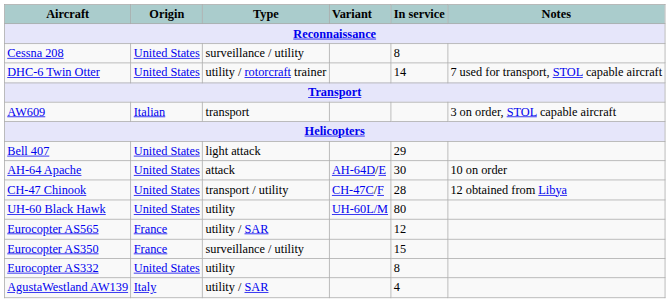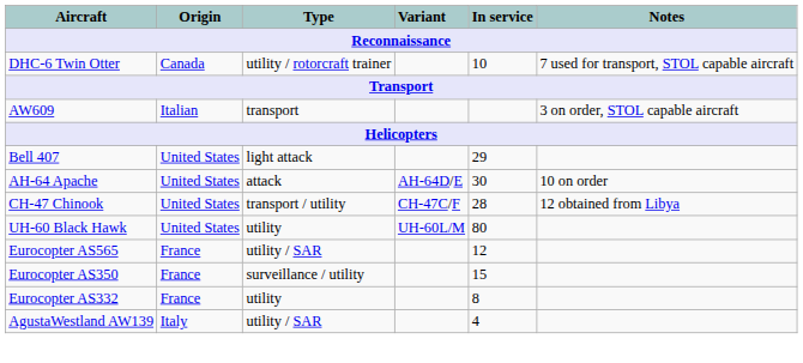 <table class="wikitable">
 <tr>
 <th style="text-align:center; background:#acc;">Aircraft</th>
 <th style="text-align: center; background:#acc;">Origin</th>
 <th style="text-align:l center; background:#acc;">Type</th>
 <th style="text-align:left; background:#acc;">Variant</th>
 <th style="text-align:center; background:#acc;">In service</th>
 <th style="text-align: center; background:#acc;">Notes</th>
 </tr>
 <tr>
 <th style="align: center; background: lavender;" colspan="6"><a href='#'>Reconnaissance</a></th>
 </tr>
 <tr>
-<td><a href='#'>Cessna 208</a></td>
-<td><a href='#'>United States</a></td>
-<td>surveillance / utility</td>
-<td></td>
-<td>8</td>
-<td></td>
-</tr>
-<tr>
 <td><a href='#'>DHC-6 Twin Otter</a></td>
-<td><a href='#'>United States</a></td>
+<td><a href='#'>Canada</a></td>
 <td>utility / <a href='#'>rotorcraft</a> trainer</td>
 <td></td>
-<td>14</td>
+<td>10</td>
 <td>7 used for transport, <a href='#'>STOL</a> capable aircraft</td>
 </tr>
 <tr>
 <th style="align: center; background: lavender;" colspan="6"><a href='#'>Transport</a></th>
 </tr>
 <tr>
 <td><a href='#'>AW609</a></td>
 <td><a href='#'>Italian</a></td>
 <td>transport</td>
 <td></td>
 <td></td>
 <td>3 on order, <a href='#'>STOL</a> capable aircraft</td>
 </tr>
 <tr>
 <th style="align: center; background: lavender;" colspan="6"><a href='#'>Helicopters</a></th>
 </tr>
 <tr>
 <td><a href='#'>Bell 407</a></td>
 <td><a href='#'>United States</a></td>
 <td>light attack</td>
 <td></td>
 <td>29</td>
 <td></td>
 </tr>
 <tr>
 <td><a href='#'>AH-64 Apache</a></td>
 <td><a href='#'>United States</a></td>
 <td>attack</td>
 <td><a href='#'>AH-64D</a>/<a href='#'>E</a></td>
 <td>30</td>
 <td>10 on order</td>
 </tr>
 <tr>
 <td><a href='#'>CH-47 Chinook</a></td>
 <td><a href='#'>United States</a></td>
 <td>transport / utility</td>
 <td><a href='#'>CH-47C</a>/<a href='#'>F</a></td>
 <td>28</td>
 <td>12 obtained from <a href='#'>Libya</a></td>
 </tr>
 <tr>
 <td><a href='#'>UH-60 Black Hawk</a></td>
 <td><a href='#'>United States</a></td>
 <td>utility</td>
 <td><a href='#'>UH-60L/M</a></td>
 <td>80</td>
 <td></td>
 </tr>
 <tr>
 <td><a href='#'>Eurocopter AS565</a></td>
 <td><a href='#'>France</a></td>
 <td>utility / <a href='#'>SAR</a></td>
 <td></td>
 <td>12</td>
 <td></td>
 </tr>
 <tr>
 <td><a href='#'>Eurocopter AS350</a></td>
 <td><a href='#'>France</a></td>
 <td>surveillance / utility</td>
 <td></td>
 <td>15</td>
 <td></td>
 </tr>
 <tr>
 <td><a href='#'>Eurocopter AS332</a></td>
-<td><a href='#'>United States</a></td>
+<td><a href='#'>France</a></td>
 <td>utility</td>
 <td></td>
 <td>8</td>
 <td></td>
 </tr>
 <tr>
 <td><a href='#'>AgustaWestland AW139</a></td>
 <td><a href='#'>Italy</a></td>
 <td>utility / <a href='#'>SAR</a></td>
 <td></td>
 <td>4</td>
 <td></td>
 </tr>
 </table>
